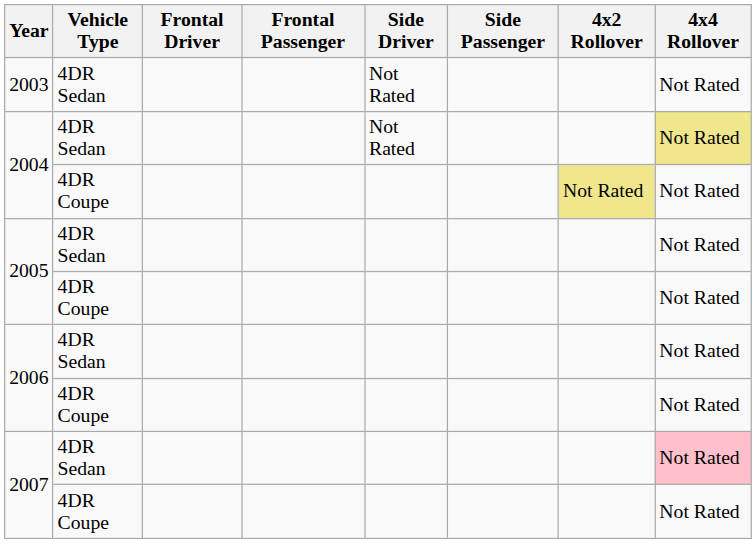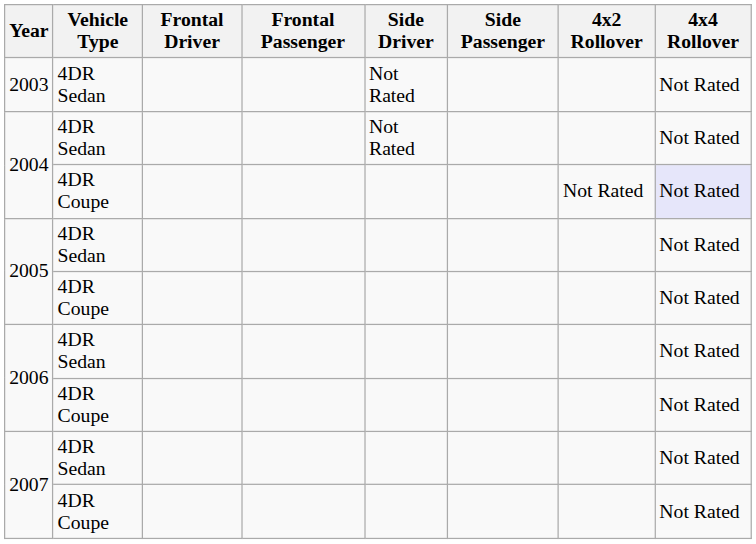 <table class="wikitable">
 <tr>
 <th>Year</th>
 <th>Vehicle Type</th>
 <th>Frontal Driver</th>
 <th>Frontal Passenger</th>
 <th>Side Driver</th>
 <th>Side Passenger</th>
 <th>4x2 Rollover</th>
 <th>4x4 Rollover</th>
 </tr>
 <tr>
 <td>2003</td>
 <td>4DR Sedan</td>
 <td></td>
 <td></td>
 <td>Not Rated</td>
 <td></td>
 <td></td>
 <td>Not Rated</td>
 </tr>
 <tr>
 <td rowspan=2>2004</td>
 <td>4DR Sedan</td>
 <td></td>
 <td></td>
 <td>Not Rated</td>
 <td></td>
 <td></td>
-<td style="background: khaki;">Not Rated</td>
+<td>Not Rated</td>
 </tr>
 <tr>
 <td>4DR Coupe</td>
 <td></td>
 <td></td>
 <td></td>
 <td></td>
-<td style="background: khaki;">Not Rated</td>
 <td>Not Rated</td>
+<td style="background: lavender;">Not Rated</td>
 </tr>
 <tr>
 <td rowspan=2>2005</td>
 <td>4DR Sedan</td>
 <td></td>
 <td></td>
 <td></td>
 <td></td>
 <td></td>
 <td>Not Rated</td>
 </tr>
 <tr>
 <td>4DR Coupe</td>
 <td></td>
 <td></td>
 <td></td>
 <td></td>
 <td></td>
 <td>Not Rated</td>
 </tr>
 <tr>
 <td rowspan=2>2006</td>
 <td>4DR Sedan</td>
 <td></td>
 <td></td>
 <td></td>
 <td></td>
 <td></td>
 <td>Not Rated</td>
 </tr>
 <tr>
 <td>4DR Coupe</td>
 <td></td>
 <td></td>
 <td></td>
 <td></td>
 <td></td>
 <td>Not Rated</td>
 </tr>
 <tr>
 <td rowspan=2>2007</td>
 <td>4DR Sedan</td>
 <td></td>
 <td></td>
 <td></td>
 <td></td>
 <td></td>
-<td style="background: pink;">Not Rated</td>
+<td>Not Rated</td>
 </tr>
 <tr>
 <td>4DR Coupe</td>
 <td></td>
 <td></td>
 <td></td>
 <td></td>
 <td></td>
 <td>Not Rated</td>
 </tr>
 </table>
